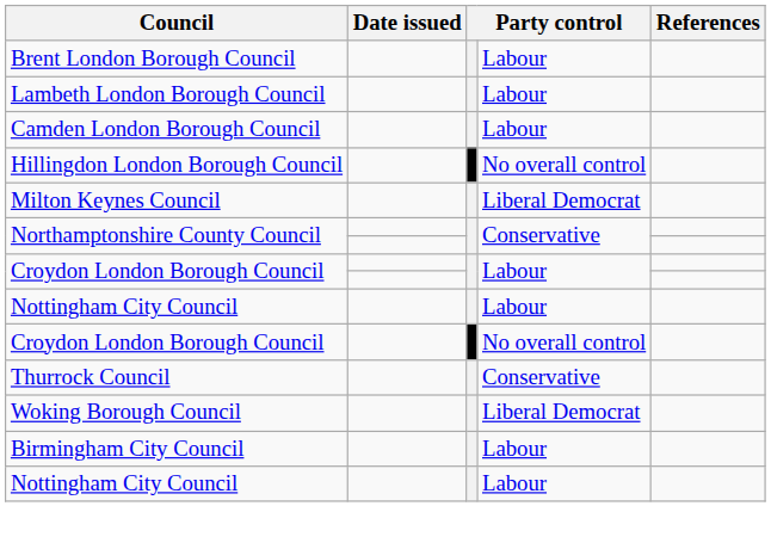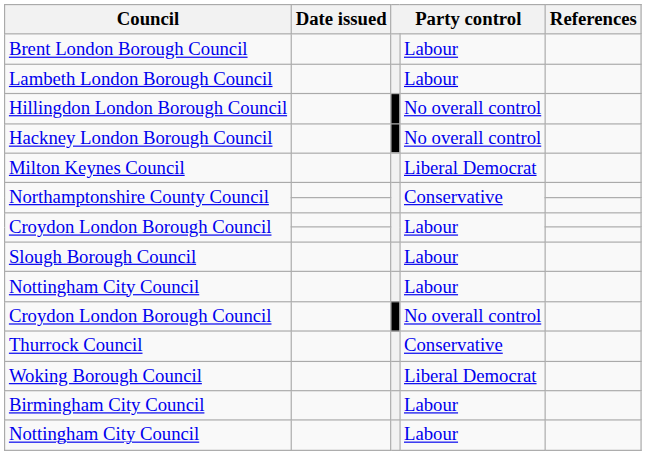 <table class="wikitable sortable">
 <tr>
 <th>Council</th>
 <th>Date issued</th>
 <th colspan=2>Party control</th>
 <th>References</th>
 </tr>
 <tr>
 <td><a href='#'>Brent London Borough Council</a></td>
 <td></td>
 <th style="background: "></th>
 <td><a href='#'>Labour</a></td>
 <td></td>
 </tr>
 <tr>
 <td><a href='#'>Lambeth London Borough Council</a></td>
 <td></td>
 <th style="background: "></th>
 <td><a href='#'>Labour</a></td>
 <td></td>
 </tr>
 <tr>
-<td><a href='#'>Camden London Borough Council</a></td>
+<td><a href='#'>Hillingdon London Borough Council</a></td>
 <td></td>
-<th style="background: "></th>
-<td><a href='#'>Labour</a></td>
+<th style="background:#000;"></th>
+<td><a href='#'>No overall control</a></td>
 <td></td>
 </tr>
 <tr>
-<td><a href='#'>Hillingdon London Borough Council</a></td>
+<td><a href='#'>Hackney London Borough Council</a></td>
 <td></td>
 <th style="background:#000;"></th>
 <td><a href='#'>No overall control</a></td>
 <td></td>
 </tr>
 <tr>
 <td><a href='#'>Milton Keynes Council</a></td>
 <td></td>
 <th style="background: "></th>
 <td><a href='#'>Liberal Democrat</a></td>
 <td></td>
 </tr>
 <tr>
 <td rowspan=2><a href='#'>Northamptonshire County Council</a></td>
 <td></td>
 <th rowspan=2 style="background: "></th>
 <td rowspan=2><a href='#'>Conservative</a></td>
 <td></td>
 </tr>
 <tr>
 <td></td>
 <td></td>
 </tr>
 <tr>
 <td rowspan=2><a href='#'>Croydon London Borough Council</a></td>
 <td></td>
 <th rowspan=2 style="background: "></th>
 <td rowspan=2><a href='#'>Labour</a></td>
 <td></td>
 </tr>
 <tr>
 <td></td>
+<td></td>
+</tr>
+<tr>
+<td><a href='#'>Slough Borough Council</a></td>
+<td></td>
+<th style="background: "></th>
+<td><a href='#'>Labour</a></td>
 <td></td>
 </tr>
 <tr>
 <td><a href='#'>Nottingham City Council</a></td>
 <td></td>
 <th style="background: "></th>
 <td><a href='#'>Labour</a></td>
 <td></td>
 </tr>
 <tr>
 <td><a href='#'>Croydon London Borough Council</a></td>
 <td></td>
 <th style="background:#000;"></th>
 <td><a href='#'>No overall control</a></td>
 <td></td>
 </tr>
 <tr>
 <td><a href='#'>Thurrock Council</a></td>
 <td></td>
 <th style="background: "></th>
 <td><a href='#'>Conservative</a></td>
 <td></td>
 </tr>
 <tr>
 <td><a href='#'>Woking Borough Council</a></td>
 <td></td>
 <th style="background: "></th>
 <td><a href='#'>Liberal Democrat</a></td>
 <td></td>
 </tr>
 <tr>
 <td><a href='#'>Birmingham City Council</a></td>
 <td></td>
 <th style="background: "></th>
 <td><a href='#'>Labour</a></td>
 <td></td>
 </tr>
 <tr>
 <td><a href='#'>Nottingham City Council</a></td>
 <td></td>
 <th style="background: "></th>
 <td><a href='#'>Labour</a></td>
 <td></td>
 </tr>
 </table>
